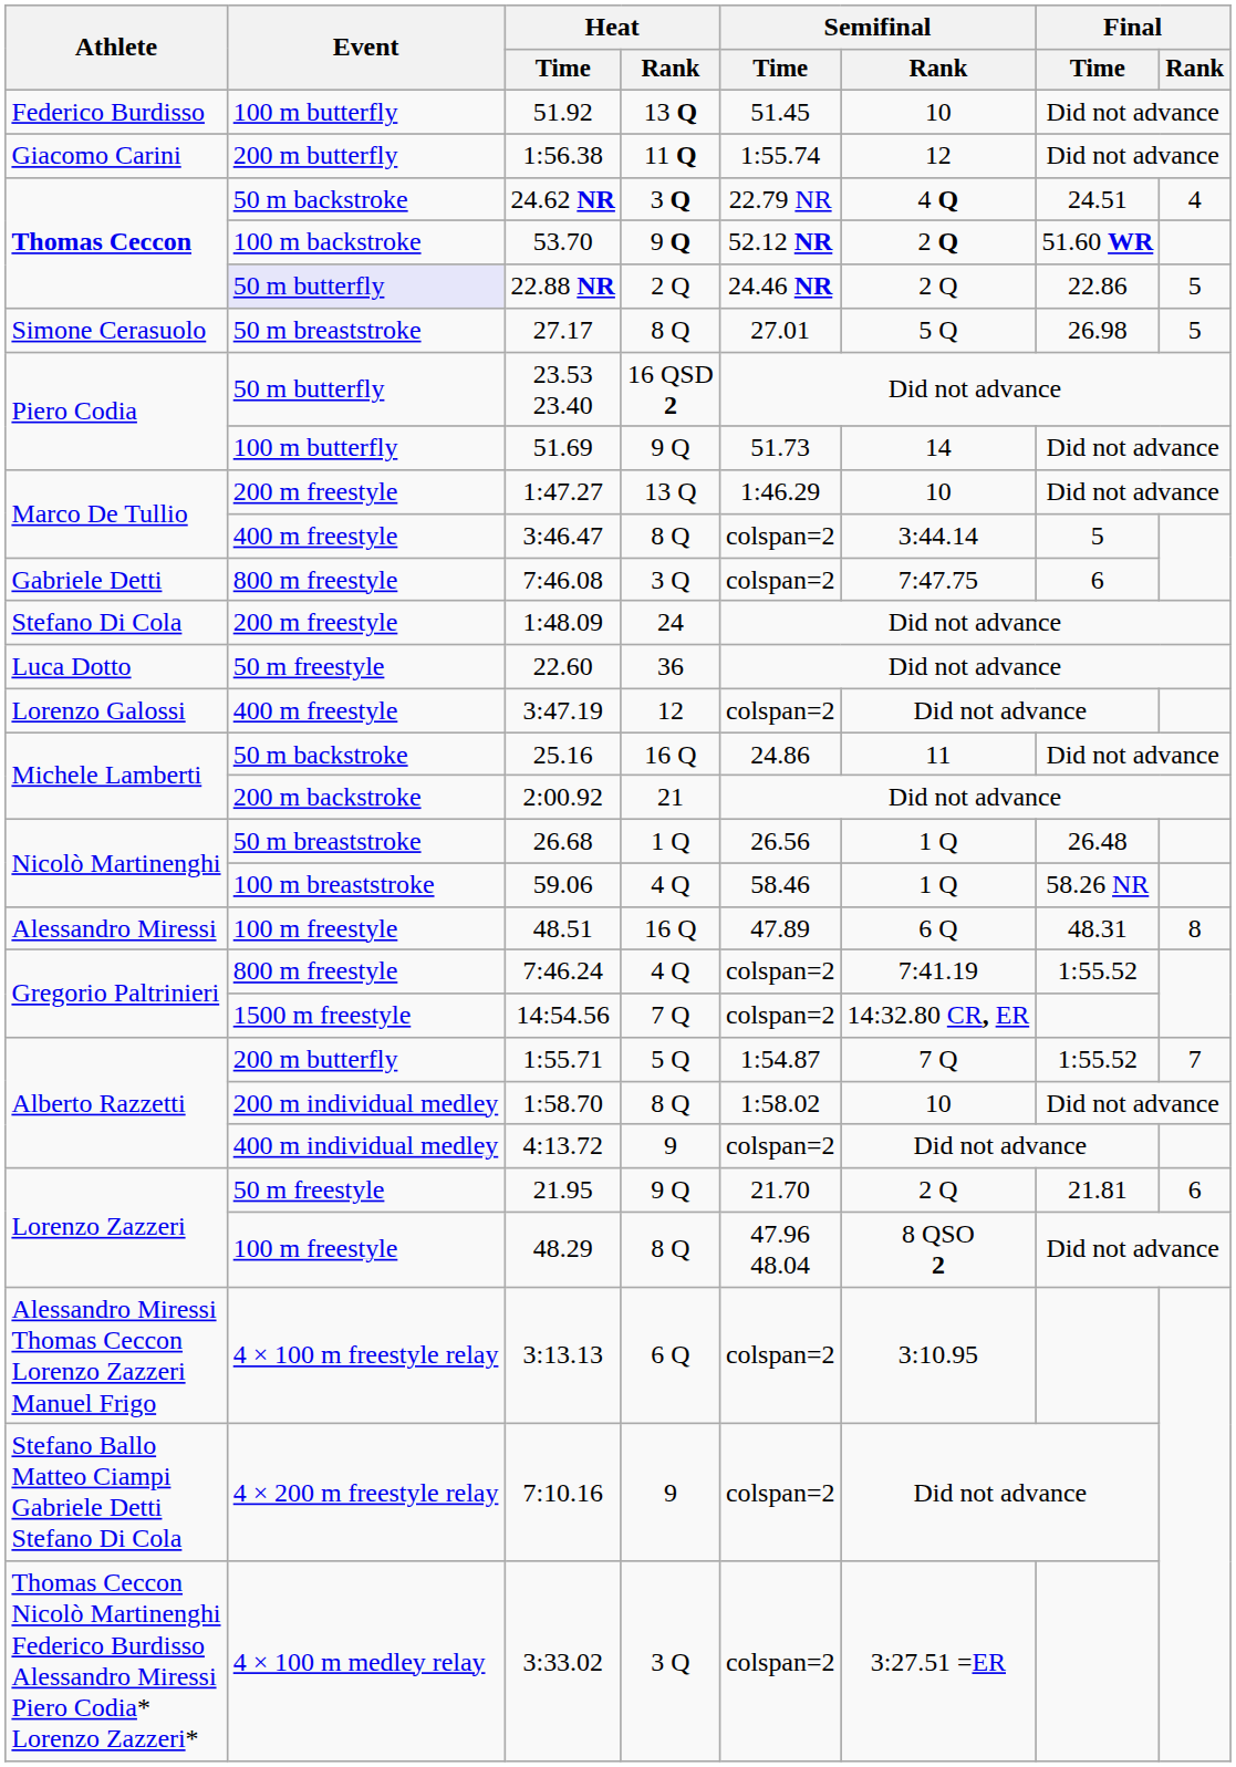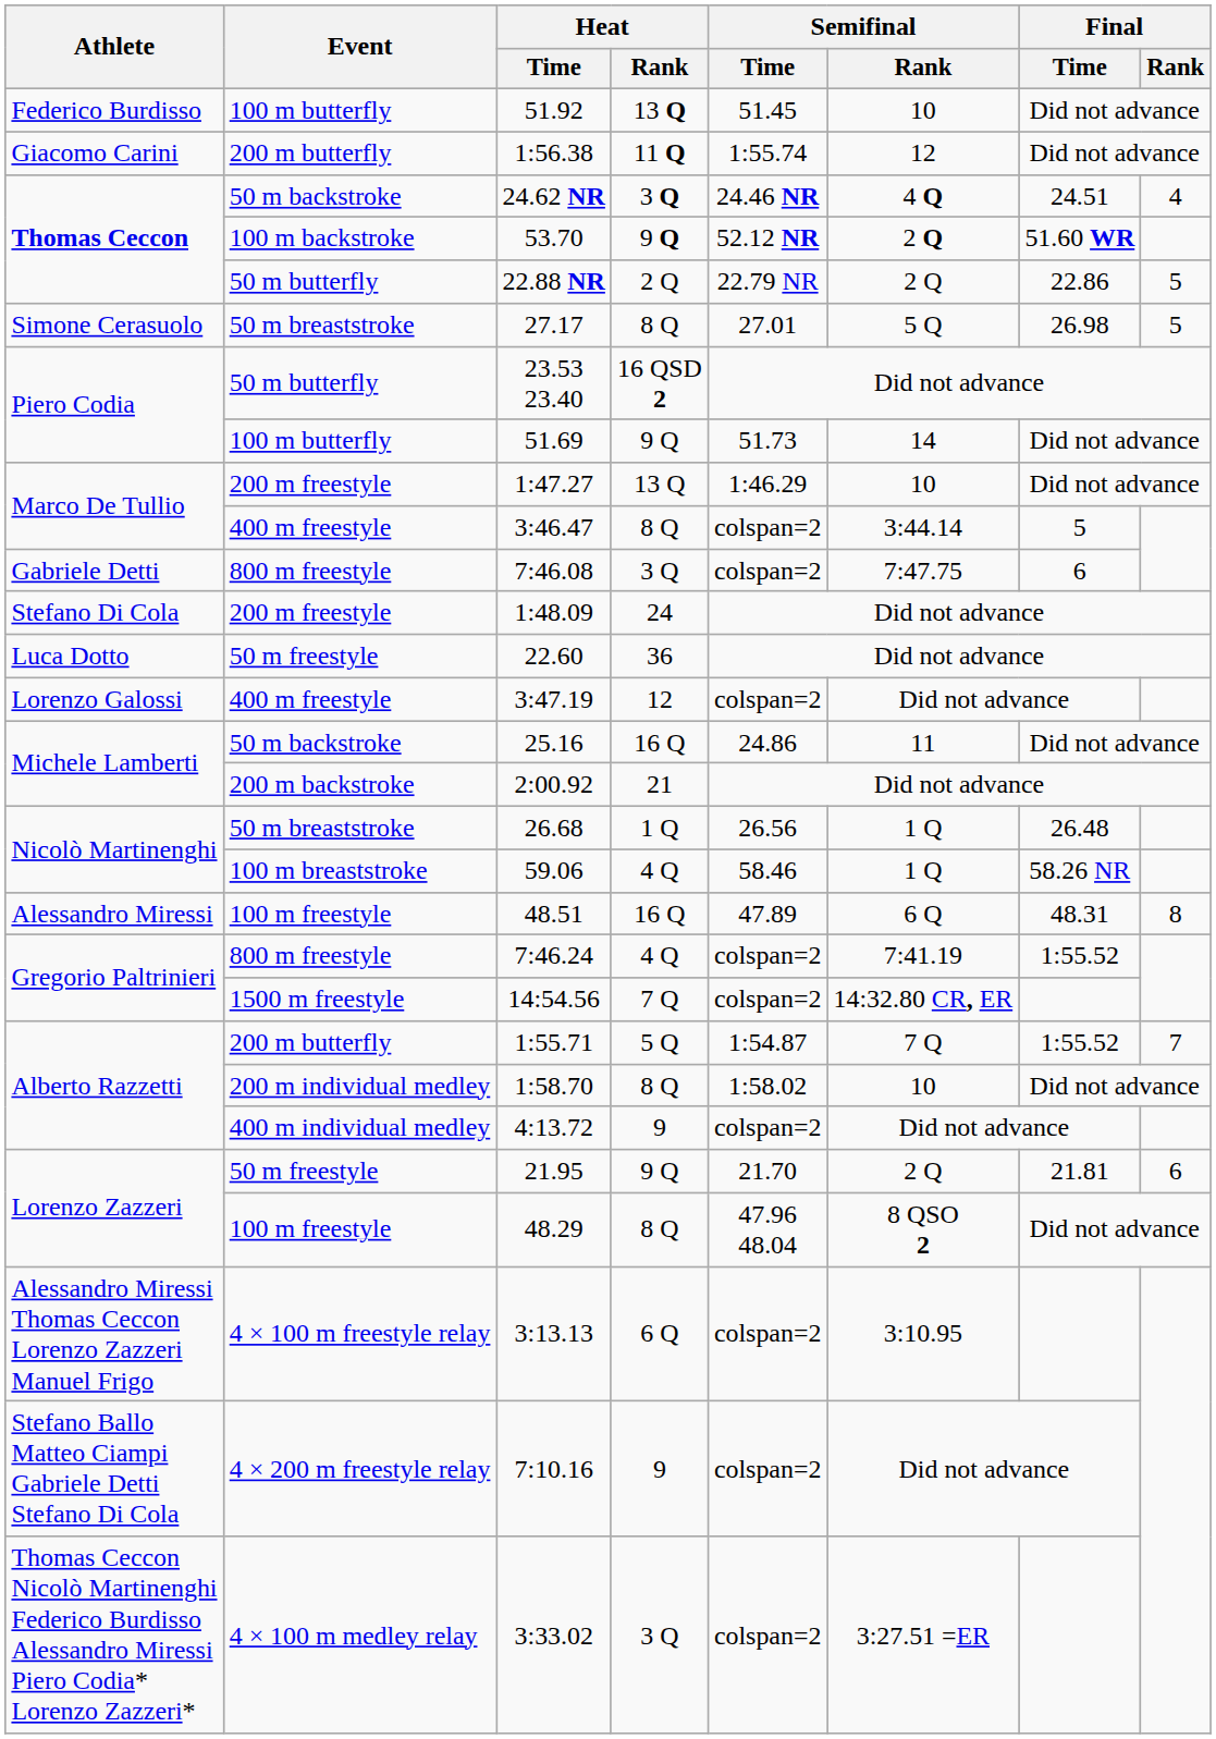 <table class=wikitable style="font-size:90%">
 <tr>
 <th rowspan="2">Athlete</th>
 <th rowspan="2">Event</th>
 <th colspan="2">Heat</th>
 <th colspan="2">Semifinal</th>
 <th colspan="2">Final</th>
 </tr>
 <tr style="font-size:95%">
 <th>Time</th>
 <th>Rank</th>
 <th>Time</th>
 <th>Rank</th>
 <th>Time</th>
 <th>Rank</th>
 </tr>
 <tr style="text-align:center">
 <td style="text-align:left"><a href='#'>Federico Burdisso</a></td>
 <td style="text-align:left"><a href='#'>100 m butterfly</a></td>
 <td>51.92</td>
 <td>13 <strong>Q</strong></td>
 <td>51.45</td>
 <td>10</td>
 <td colspan=2>Did not advance</td>
 </tr>
 <tr style="text-align:center">
 <td style="text-align:left"><a href='#'>Giacomo Carini</a></td>
 <td style="text-align:left"><a href='#'>200 m butterfly</a></td>
 <td>1:56.38</td>
 <td>11 <strong>Q</strong></td>
 <td>1:55.74</td>
 <td>12</td>
 <td colspan=2>Did not advance</td>
 </tr>
 <tr style="text-align:center">
 <td style="text-align:left" rowspan=3><strong><a href='#'>Thomas Ceccon</a></strong></td>
 <td style="text-align:left"><a href='#'>50 m backstroke</a></td>
 <td>24.62 <strong><a href='#'>NR</a></strong></td>
 <td>3 <strong>Q</strong></td>
-<td>22.79 </strong><a href='#'>NR</a><strong></td>
+<td>24.46 <strong><a href='#'>NR</a></strong></td>
 <td>4 <strong>Q</strong></td>
 <td>24.51</td>
 <td>4</td>
 </tr>
 <tr style="text-align:center">
 <td style="text-align:left"><a href='#'>100 m backstroke</a></td>
 <td>53.70</td>
 <td>9 <strong>Q</strong></td>
 <td>52.12 <strong><a href='#'>NR</a></strong></td>
 <td>2 <strong>Q</strong></td>
 <td>51.60 <strong><a href='#'>WR</a></strong></td>
 <td></td>
 </tr>
 <tr style="text-align:center">
-<td style="background: lavender; text-align:left"><a href='#'>50 m butterfly</a></td>
+<td style="text-align:left"><a href='#'>50 m butterfly</a></td>
 <td>22.88 <strong><a href='#'>NR</a><em></td>
 <td>2 </strong>Q<strong></td>
-<td>24.46 <strong><a href='#'>NR</a></strong></td>
+<td>22.79 </strong><a href='#'>NR</a><strong></td>
 <td>2 </strong>Q<strong></td>
 <td>22.86</td>
 <td>5</td>
 </tr>
 <tr style="text-align:center">
 <td style="text-align:left"><a href='#'>Simone Cerasuolo</a></td>
 <td style="text-align:left"><a href='#'>50 m breaststroke</a></td>
 <td>27.17</td>
 <td>8 </strong>Q<strong></td>
 <td>27.01</td>
 <td>5 </strong>Q<strong></td>
 <td>26.98</td>
 <td>5</td>
 </tr>
 <tr style="text-align:center">
 <td style="text-align:left" rowspan=2><a href='#'>Piero Codia</a></td>
 <td style="text-align:left"><a href='#'>50 m butterfly</a></td>
 <td>23.53<br>23.40</td>
 <td>16 </strong>QSD<strong><br>2</td>
 <td colspan=4>Did not advance</td>
 </tr>
 <tr style="text-align:center">
 <td style="text-align:left"><a href='#'>100 m butterfly</a></td>
 <td>51.69</td>
 <td>9 </strong>Q<strong></td>
 <td>51.73</td>
 <td>14</td>
 <td colspan=2>Did not advance</td>
 </tr>
 <tr style="text-align:center">
 <td style="text-align:left" rowspan=2><a href='#'>Marco De Tullio</a></td>
 <td style="text-align:left"><a href='#'>200 m freestyle</a></td>
 <td>1:47.27</td>
 <td>13 </strong>Q<strong></td>
 <td>1:46.29</td>
 <td>10</td>
 <td colspan=2>Did not advance</td>
 </tr>
 <tr style="text-align:center">
 <td style="text-align:left"><a href='#'>400 m freestyle</a></td>
 <td>3:46.47</td>
 <td>8 </strong>Q<strong></td>
 <td>colspan=2 </td>
 <td>3:44.14</td>
 <td>5</td>
 </tr>
 <tr style="text-align:center">
 <td style="text-align:left"><a href='#'>Gabriele Detti</a></td>
 <td style="text-align:left"><a href='#'>800 m freestyle</a></td>
 <td>7:46.08</td>
 <td>3 </strong>Q<strong></td>
 <td>colspan=2 </td>
 <td>7:47.75</td>
 <td>6</td>
 </tr>
 <tr style="text-align:center">
 <td style="text-align:left"><a href='#'>Stefano Di Cola</a></td>
 <td style="text-align:left"><a href='#'>200 m freestyle</a></td>
 <td>1:48.09</td>
 <td>24</td>
 <td colspan=4>Did not advance</td>
 </tr>
 <tr style="text-align:center">
 <td style="text-align:left"><a href='#'>Luca Dotto</a></td>
 <td style="text-align:left"><a href='#'>50 m freestyle</a></td>
 <td>22.60</td>
 <td>36</td>
 <td colspan=4>Did not advance</td>
 </tr>
 <tr style="text-align:center">
 <td style="text-align:left"><a href='#'>Lorenzo Galossi</a></td>
 <td style="text-align:left"><a href='#'>400 m freestyle</a></td>
 <td>3:47.19</td>
 <td>12</td>
 <td>colspan=2 </td>
 <td colspan=2>Did not advance</td>
 </tr>
 <tr style="text-align:center">
 <td style="text-align:left" rowspan=2><a href='#'>Michele Lamberti</a></td>
 <td style="text-align:left"><a href='#'>50 m backstroke</a></td>
 <td>25.16</td>
 <td>16 </strong>Q<strong></td>
 <td>24.86</td>
 <td>11</td>
 <td colspan=2>Did not advance</td>
 </tr>
 <tr style="text-align:center">
 <td style="text-align:left"><a href='#'>200 m backstroke</a></td>
 <td>2:00.92</td>
 <td>21</td>
 <td colspan=4>Did not advance</td>
 </tr>
 <tr style="text-align:center">
 <td style="text-align:left" rowspan=2></strong><a href='#'>Nicolò Martinenghi</a><strong></td>
 <td style="text-align:left"><a href='#'>50 m breaststroke</a></td>
 <td>26.68</td>
 <td>1 </strong>Q<strong></td>
 <td>26.56</td>
 <td>1 </strong>Q<strong></td>
 <td>26.48</td>
 <td></td>
 </tr>
 <tr style="text-align:center">
 <td style="text-align:left"><a href='#'>100 m breaststroke</a></td>
 <td>59.06</td>
 <td>4 </strong>Q<strong></td>
 <td>58.46</td>
 <td>1 </strong>Q<strong></td>
 <td>58.26 </strong><a href='#'>NR</a><strong></td>
 <td></td>
 </tr>
 <tr style="text-align:center">
 <td style="text-align:left"><a href='#'>Alessandro Miressi</a></td>
 <td style="text-align:left"><a href='#'>100 m freestyle</a></td>
 <td>48.51</td>
 <td>16 </strong>Q<strong></td>
 <td>47.89</td>
 <td>6 </strong>Q<strong></td>
 <td>48.31</td>
 <td>8</td>
 </tr>
 <tr style="text-align:center">
 <td style="text-align:left" rowspan=2></strong><a href='#'>Gregorio Paltrinieri</a><strong></td>
 <td style="text-align:left"><a href='#'>800 m freestyle</a></td>
 <td>7:46.24</td>
 <td>4 </strong>Q<strong></td>
 <td>colspan=2 </td>
 <td>7:41.19</td>
 <td>1:55.52</td>
 </tr>
 <tr style="text-align:center">
 <td style="text-align:left"><a href='#'>1500 m freestyle</a></td>
 <td>14:54.56</td>
 <td>7 </strong>Q<strong></td>
 <td>colspan=2 </td>
 <td>14:32.80 </strong><a href='#'>CR</a><strong>, </strong><a href='#'>ER</a><strong></td>
 <td></td>
 </tr>
 <tr style="text-align:center">
 <td style="text-align:left" rowspan=3><a href='#'>Alberto Razzetti</a></td>
 <td style="text-align:left"><a href='#'>200 m butterfly</a></td>
 <td>1:55.71</td>
 <td>5 </strong>Q<strong></td>
 <td>1:54.87</td>
 <td>7 </strong>Q<strong></td>
 <td>1:55.52</td>
 <td>7</td>
 </tr>
 <tr style="text-align:center">
 <td style="text-align:left"><a href='#'>200 m individual medley</a></td>
 <td>1:58.70</td>
 <td>8 </strong>Q<strong></td>
 <td>1:58.02</td>
 <td>10</td>
 <td colspan=2>Did not advance</td>
 </tr>
 <tr style="text-align:center">
 <td style="text-align:left"><a href='#'>400 m individual medley</a></td>
 <td>4:13.72</td>
 <td>9</td>
 <td>colspan=2 </td>
 <td colspan=2>Did not advance</td>
 </tr>
 <tr style="text-align:center">
 <td style="text-align:left" rowspan=2><a href='#'>Lorenzo Zazzeri</a></td>
 <td style="text-align:left"><a href='#'>50 m freestyle</a></td>
 <td>21.95</td>
 <td>9 </strong>Q<strong></td>
 <td>21.70</td>
 <td>2 </strong>Q<strong></td>
 <td>21.81</td>
 <td>6</td>
 </tr>
 <tr style="text-align:center">
 <td style="text-align:left"><a href='#'>100 m freestyle</a></td>
 <td>48.29</td>
 <td>8 </strong>Q<strong></td>
 <td>47.96<br>48.04</td>
 <td>8 </strong>QSO<strong><br>2</td>
 <td colspan=2>Did not advance</td>
 </tr>
 <tr style="text-align:center">
 <td style="text-align:left"></strong><a href='#'>Alessandro Miressi</a> <br><a href='#'>Thomas Ceccon</a> <br><a href='#'>Lorenzo Zazzeri</a> <br><a href='#'>Manuel Frigo</a><strong></td>
 <td style="text-align:left"><a href='#'>4 × 100 m freestyle relay</a></td>
 <td>3:13.13</td>
 <td>6 </strong>Q<strong></td>
 <td>colspan=2 </td>
 <td>3:10.95</td>
 <td></td>
 </tr>
 <tr style="text-align:center">
 <td style="text-align:left"><a href='#'>Stefano Ballo</a> <br><a href='#'>Matteo Ciampi</a> <br><a href='#'>Gabriele Detti</a><br><a href='#'>Stefano Di Cola</a></td>
 <td style="text-align:left"><a href='#'>4 × 200 m freestyle relay</a></td>
 <td>7:10.16</td>
 <td>9</td>
 <td>colspan=2 </td>
 <td colspan=2>Did not advance</td>
 </tr>
 <tr style="text-align:center">
 <td style="text-align:left"></strong><a href='#'>Thomas Ceccon</a><br><a href='#'>Nicolò Martinenghi</a><br><a href='#'>Federico Burdisso</a><br><a href='#'>Alessandro Miressi</a><br><a href='#'>Piero Codia</a>*<br><a href='#'>Lorenzo Zazzeri</a>*<strong></td>
 <td style="text-align:left"><a href='#'>4 × 100 m medley relay</a></td>
 <td>3:33.02</td>
 <td>3 </strong>Q<strong></td>
 <td>colspan=2 </td>
 <td>3:27.51 </strong>=<a href='#'>ER</a><strong></td>
 <td></td>
 </tr>
 </table>
